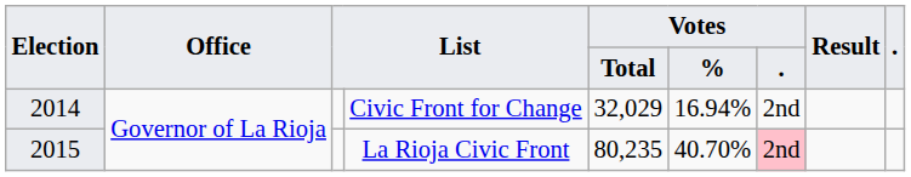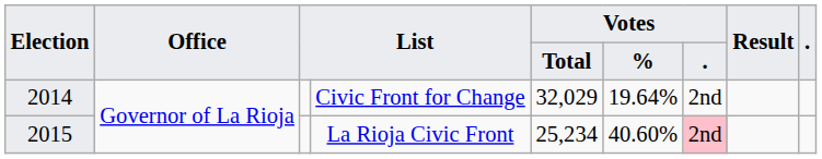 <table class="wikitable" style="font-size:90%; text-align:center;">
 <tr>
 <th style="background-color:#EAECF0;" rowspan=2>Election</th>
 <th style="background-color:#EAECF0;" rowspan=2>Office</th>
 <th style="background-color:#EAECF0;" colspan=2 rowspan=2>List</th>
 <th style="background-color:#EAECF0;" colspan=3>Votes</th>
 <th style="background-color:#EAECF0;" rowspan=2>Result</th>
 <th style="background-color:#EAECF0;" rowspan=2>.</th>
 </tr>
 <tr>
 <th style="background-color:#EAECF0;">Total</th>
 <th style="background-color:#EAECF0;">%</th>
 <th style="background-color:#EAECF0;">.</th>
 </tr>
 <tr>
 <td style="background-color:#EAECF0;">2014</td>
 <td rowspan="2"><a href='#'>Governor of La Rioja</a></td>
 <td style="background-color:"></td>
 <td><a href='#'>Civic Front for Change</a></td>
 <td>32,029</td>
-<td>16.94%</td>
+<td>19.64%</td>
 <td>2nd</td>
 <td></td>
 <td></td>
 </tr>
 <tr>
 <td style="background-color:#EAECF0;">2015</td>
 <td style="background-color:"></td>
 <td><a href='#'>La Rioja Civic Front</a></td>
-<td>80,235</td>
-<td>40.70%</td>
+<td>25,234</td>
+<td>40.60%</td>
 <td style="background: pink;">2nd</td>
 <td></td>
 <td></td>
 </tr>
 </table>
